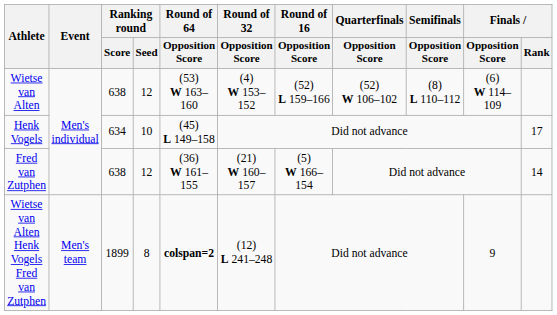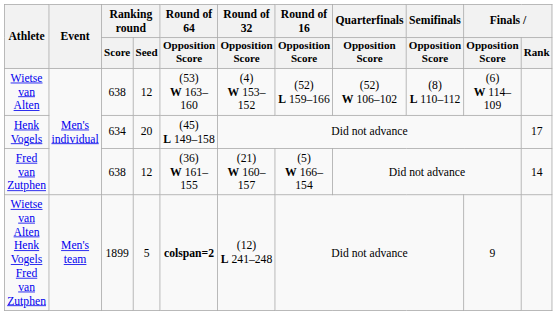 <table class="wikitable" style="font-size:90%">
 <tr>
 <th rowspan="2">Athlete</th>
 <th rowspan="2">Event</th>
 <th colspan="2">Ranking round</th>
 <th>Round of 64</th>
 <th>Round of 32</th>
 <th>Round of 16</th>
 <th>Quarterfinals</th>
 <th>Semifinals</th>
 <th colspan="2">Finals / </th>
 </tr>
 <tr style="font-size:95%">
 <th>Score</th>
 <th>Seed</th>
 <th>Opposition<br>Score</th>
 <th>Opposition<br>Score</th>
 <th>Opposition<br>Score</th>
 <th>Opposition<br>Score</th>
 <th>Opposition<br>Score</th>
 <th>Opposition<br>Score</th>
 <th>Rank</th>
 </tr>
 <tr align=center>
 <td><a href='#'>Wietse van Alten</a></td>
 <td rowspan=3><a href='#'>Men's individual</a></td>
 <td>638</td>
 <td>12</td>
 <td> (53)<br><strong>W</strong> 163–160</td>
 <td> (4)<br><strong>W</strong> 153–152</td>
 <td> (52)<br><strong>L</strong> 159–166</td>
 <td> (52)<br><strong>W</strong> 106–102</td>
 <td> (8)<br><strong>L</strong> 110–112</td>
 <td> (6)<br><strong>W</strong> 114–109</td>
 <td></td>
 </tr>
 <tr align=center>
 <td><a href='#'>Henk Vogels</a></td>
 <td>634</td>
-<td>10</td>
+<td>20</td>
 <td> (45)<br><strong>L</strong> 149–158</td>
 <td colspan=5>Did not advance</td>
 <td>17</td>
 </tr>
 <tr align=center>
 <td><a href='#'>Fred van Zutphen</a></td>
 <td>638</td>
 <td>12</td>
 <td> (36)<br><strong>W</strong> 161–155</td>
 <td> (21)<br><strong>W</strong> 160–157</td>
 <td> (5)<br><strong>W</strong> 166–154</td>
 <td colspan=3>Did not advance</td>
 <td>14</td>
 </tr>
 <tr align=center>
 <td><a href='#'>Wietse van Alten</a><br><a href='#'>Henk Vogels</a><br><a href='#'>Fred van Zutphen</a></td>
 <td><a href='#'>Men's team</a></td>
 <td>1899</td>
-<td>8</td>
+<td>5</td>
 <td><strong>colspan=2 </strong></td>
 <td> (12)<br><strong>L</strong> 241–248</td>
 <td colspan=3>Did not advance</td>
 <td>9</td>
 </tr>
 </table>
